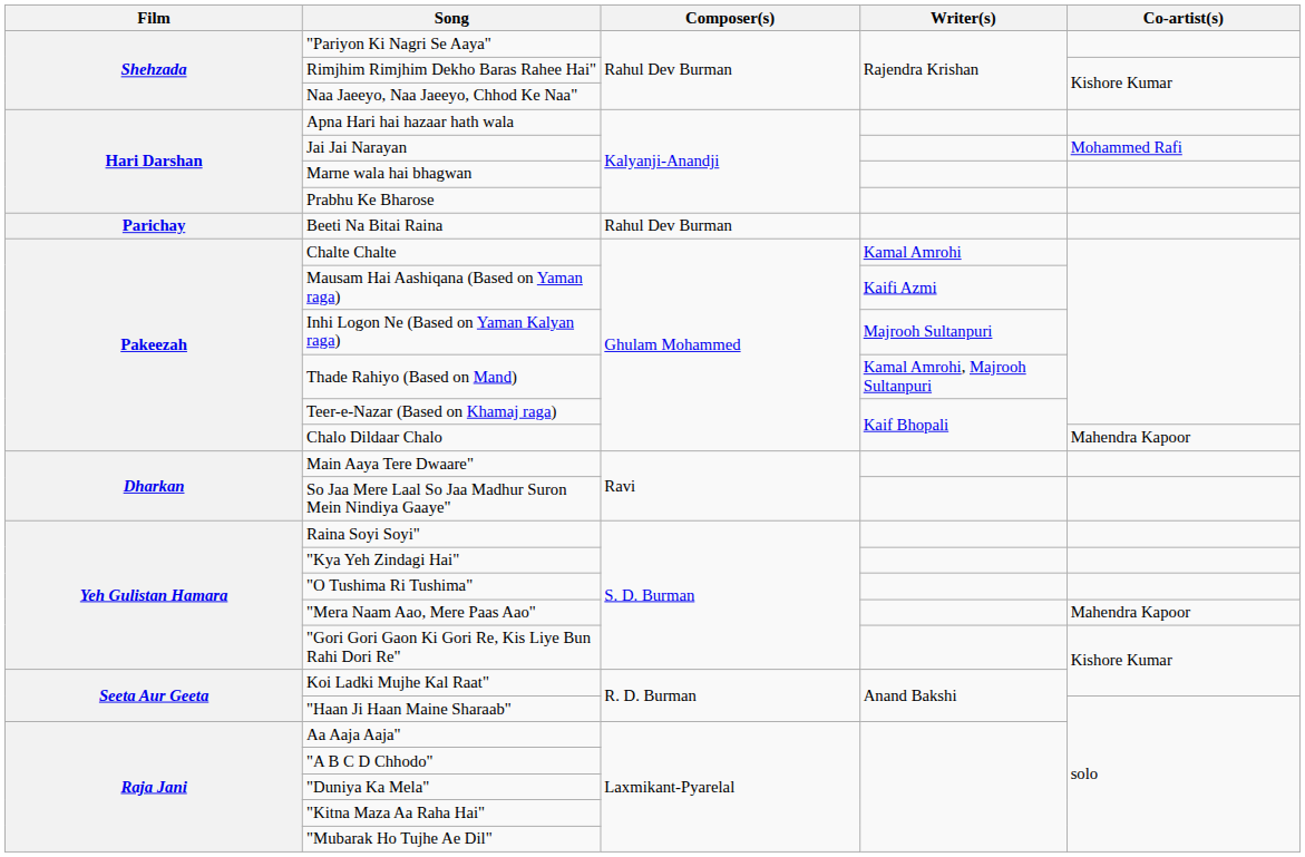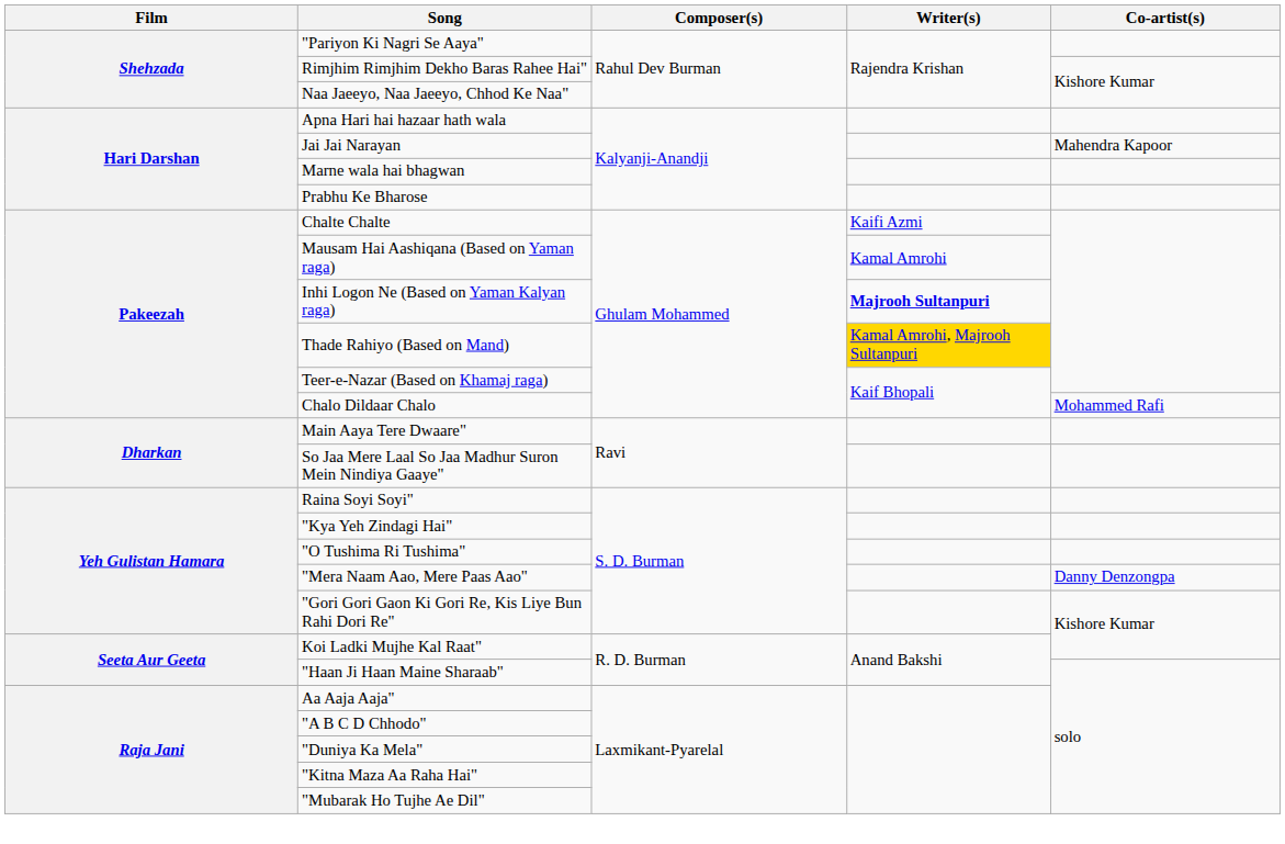 <table class="wikitable plainrowheaders" style="width:100%; textcolor:#000">
 <tr style="background:#b0e0e66;">
 <th scope="col" style="width:23%;"><strong>Film</strong></th>
 <th scope="col" style="width:23%;"><strong>Song</strong></th>
 <th scope="col" style="width:20%;"><strong>Composer(s)</strong></th>
 <th scope="col" style="width:16%;"><strong>Writer(s)</strong></th>
 <th scope="col" style="width:18%;"><strong>Co-artist(s)</strong></th>
 </tr>
 <tr>
 <th Rowspan=3><em><a href='#'>Shehzada</a></em></th>
 <td>"Pariyon Ki Nagri Se Aaya"</td>
 <td rowspan=3>Rahul Dev Burman</td>
 <td rowspan=3>Rajendra Krishan</td>
 <td></td>
 </tr>
 <tr>
 <td>Rimjhim Rimjhim Dekho Baras Rahee Hai"</td>
 <td rowspan=2>Kishore Kumar</td>
 </tr>
 <tr>
 <td>Naa Jaeeyo, Naa Jaeeyo, Chhod Ke Naa"</td>
 </tr>
 <tr>
 <th rowspan=4><a href='#'>Hari Darshan</a></th>
 <td>Apna Hari hai hazaar hath wala</td>
 <td rowspan=4><a href='#'>Kalyanji-Anandji</a></td>
 <td></td>
 <td></td>
 </tr>
 <tr>
 <td>Jai Jai Narayan</td>
 <td></td>
-<td><a href='#'>Mohammed Rafi</a></td>
+<td>Mahendra Kapoor</td>
 </tr>
 <tr>
 <td>Marne wala hai bhagwan</td>
 <td></td>
 <td></td>
 </tr>
 <tr>
 <td>Prabhu Ke Bharose</td>
 <td></td>
 <td></td>
 </tr>
 <tr>
-<th><a href='#'>Parichay</a></th>
-<td>Beeti Na Bitai Raina</td>
-<td>Rahul Dev Burman</td>
-<td></td>
-<td></td>
-</tr>
-<tr>
 <th rowspan="6"><a href='#'>Pakeezah</a></th>
 <td>Chalte Chalte</td>
 <td rowspan="6"><a href='#'>Ghulam Mohammed</a></td>
-<td><a href='#'>Kamal Amrohi</a></td>
+<td><a href='#'>Kaifi Azmi</a></td>
 <td rowspan="5"></td>
 </tr>
 <tr>
 <td>Mausam Hai Aashiqana (Based on <a href='#'>Yaman raga</a>)</td>
-<td><a href='#'>Kaifi Azmi</a></td>
+<td><a href='#'>Kamal Amrohi</a></td>
 </tr>
 <tr>
 <td>Inhi Logon Ne (Based on <a href='#'>Yaman Kalyan raga</a>)</td>
-<td><a href='#'>Majrooh Sultanpuri</a></td>
+<td><strong><a href='#'>Majrooh Sultanpuri</a></strong></td>
 </tr>
 <tr>
 <td>Thade Rahiyo (Based on <a href='#'>Mand</a>)</td>
-<td><a href='#'>Kamal Amrohi</a>, <a href='#'>Majrooh Sultanpuri</a></td>
+<td style="background: gold;"><a href='#'>Kamal Amrohi</a>, <a href='#'>Majrooh Sultanpuri</a></td>
 </tr>
 <tr>
 <td>Teer-e-Nazar (Based on <a href='#'>Khamaj raga</a>)</td>
 <td rowspan="2"><a href='#'>Kaif Bhopali</a></td>
 </tr>
 <tr>
 <td>Chalo Dildaar Chalo</td>
-<td>Mahendra Kapoor</td>
+<td><a href='#'>Mohammed Rafi</a></td>
 </tr>
 <tr>
 <th Rowspan=2><em><a href='#'>Dharkan</a></em></th>
 <td>Main Aaya Tere Dwaare"</td>
 <td rowspan=2>Ravi</td>
 <td></td>
 <td></td>
 </tr>
 <tr>
 <td>So Jaa Mere Laal So Jaa Madhur Suron Mein Nindiya Gaaye"</td>
 <td></td>
 <td></td>
 </tr>
 <tr>
 <th Rowspan=5><em><a href='#'>Yeh Gulistan Hamara</a></em></th>
 <td>Raina Soyi Soyi"</td>
 <td rowspan=5><a href='#'>S. D. Burman</a></td>
 <td></td>
 <td></td>
 </tr>
 <tr>
 <td>"Kya Yeh Zindagi Hai"</td>
 <td></td>
 <td></td>
 </tr>
 <tr>
 <td>"O Tushima Ri Tushima"</td>
 <td></td>
 <td></td>
 </tr>
 <tr>
 <td>"Mera Naam Aao, Mere Paas Aao"</td>
 <td></td>
-<td>Mahendra Kapoor</td>
+<td><a href='#'>Danny Denzongpa</a></td>
 </tr>
 <tr>
 <td>"Gori Gori Gaon Ki Gori Re, Kis Liye Bun Rahi Dori Re"</td>
 <td></td>
 <td rowspan=2>Kishore Kumar</td>
 </tr>
 <tr>
 <th Rowspan=2><em><a href='#'>Seeta Aur Geeta</a></em></th>
 <td>Koi Ladki Mujhe Kal Raat"</td>
 <td rowspan=2>R. D. Burman</td>
 <td rowspan=2>Anand Bakshi</td>
 </tr>
 <tr>
 <td>"Haan Ji Haan Maine Sharaab"</td>
 <td rowspan=6>solo</td>
 </tr>
 <tr>
 <th Rowspan=5><em><a href='#'>Raja Jani</a></em></th>
 <td>Aa Aaja Aaja"</td>
 <td rowspan=5>Laxmikant-Pyarelal</td>
 <td rowspan=5></td>
 </tr>
 <tr>
 <td>"A B C D Chhodo"</td>
 </tr>
 <tr>
 <td>"Duniya Ka Mela"</td>
 </tr>
 <tr>
 <td>"Kitna Maza Aa Raha Hai"</td>
 </tr>
 <tr>
 <td>"Mubarak Ho Tujhe Ae Dil"</td>
 </tr>
 </table>
